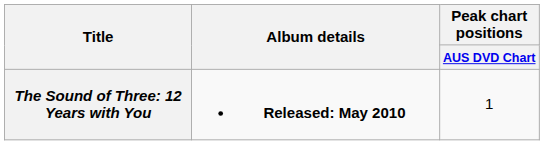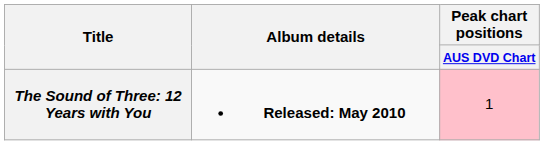 <table class="wikitable plainrowheaders" style="text-align:center;" border="1">
 <tr>
 <th scope="col" rowspan="2" style="width:12em;">Title</th>
 <th scope="col" rowspan="2" style="width:16em;">Album details</th>
 <th scope="col" colspan="1">Peak chart<br>positions</th>
 </tr>
 <tr>
 <th scope="col" style="text-align:center;"><small><a href='#'>AUS DVD Chart</a><br></small></th>
 </tr>
 <tr>
 <th scope="row"><em>The Sound of Three: 12 Years with You</em></th>
 <td><strong><br><ul><li>Released: May 2010</li></ul></strong></td>
-<td align="center">1</td>
+<td align="center" style="background: pink;">1</td>
 </tr>
 </table>
